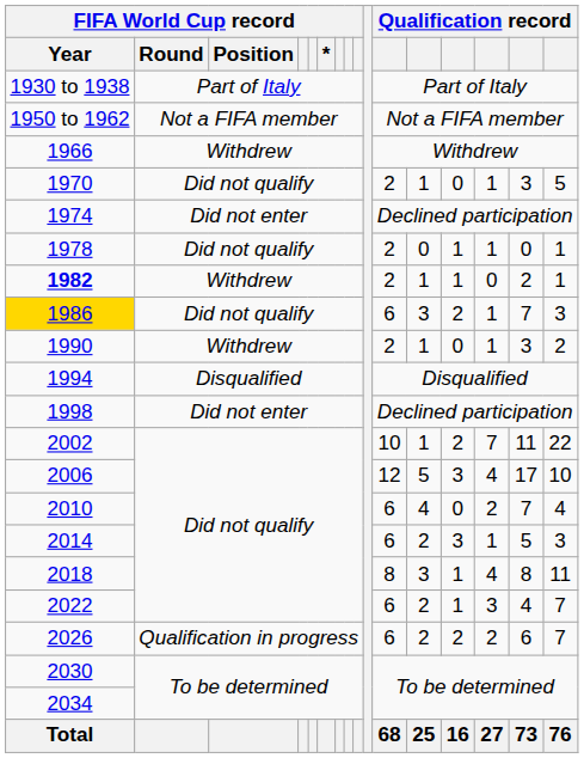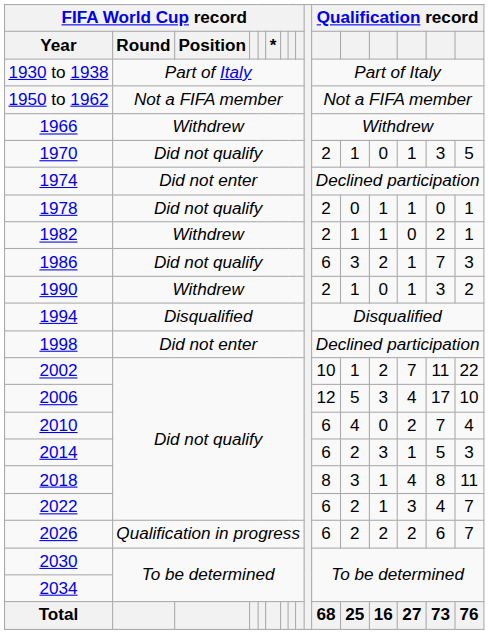 <table class="wikitable" style="text-align: center;">
 <tr>
 <th colspan=9><a href='#'>FIFA World Cup</a> record</th>
 <th rowspan=28></th>
 <th colspan=6><a href='#'>Qualification</a> record</th>
 </tr>
 <tr>
 <th>Year</th>
 <th>Round</th>
 <th>Position</th>
 <th></th>
 <th></th>
 <th>*</th>
 <th></th>
 <th></th>
 <th></th>
 <th></th>
 <th></th>
 <th></th>
 <th></th>
 <th></th>
 <th></th>
 </tr>
 <tr>
 <td> <a href='#'>1930</a> to  <a href='#'>1938</a></td>
 <td colspan=8><em>Part of <a href='#'>Italy</a></em></td>
 <td colspan=6><em>Part of Italy</em></td>
 </tr>
 <tr>
 <td> <a href='#'>1950</a> to  <a href='#'>1962</a></td>
 <td colspan=8><em>Not a FIFA member</em></td>
 <td colspan=6><em>Not a FIFA member</em></td>
 </tr>
 <tr>
 <td> <a href='#'>1966</a></td>
 <td colspan=8><em>Withdrew</em></td>
 <td colspan=6><em>Withdrew</em></td>
 </tr>
 <tr>
 <td> <a href='#'>1970</a></td>
 <td colspan=8><em>Did not qualify</em></td>
 <td>2</td>
 <td>1</td>
 <td>0</td>
 <td>1</td>
 <td>3</td>
 <td>5</td>
 </tr>
 <tr>
 <td> <a href='#'>1974</a></td>
 <td colspan=8><em>Did not enter</em></td>
 <td colspan=6><em>Declined participation</em></td>
 </tr>
 <tr>
 <td> <a href='#'>1978</a></td>
 <td colspan=8><em>Did not qualify</em></td>
 <td>2</td>
 <td>0</td>
 <td>1</td>
 <td>1</td>
 <td>0</td>
 <td>1</td>
 </tr>
 <tr>
-<td><strong> <a href='#'>1982</a></strong></td>
+<td> <a href='#'>1982</a></td>
 <td colspan=8><em>Withdrew</em></td>
 <td>2</td>
 <td>1</td>
 <td>1</td>
 <td>0</td>
 <td>2</td>
 <td>1</td>
 </tr>
 <tr>
-<td style="background: gold;"> <a href='#'>1986</a></td>
+<td> <a href='#'>1986</a></td>
 <td colspan=8><em>Did not qualify</em></td>
 <td>6</td>
 <td>3</td>
 <td>2</td>
 <td>1</td>
 <td>7</td>
 <td>3</td>
 </tr>
 <tr>
 <td> <a href='#'>1990</a></td>
 <td colspan=8><em>Withdrew</em></td>
 <td>2</td>
 <td>1</td>
 <td>0</td>
 <td>1</td>
 <td>3</td>
 <td>2</td>
 </tr>
 <tr>
 <td> <a href='#'>1994</a></td>
 <td colspan=8><em>Disqualified</em></td>
 <td colspan=6><em>Disqualified</em></td>
 </tr>
 <tr>
 <td> <a href='#'>1998</a></td>
 <td colspan=8><em>Did not enter</em></td>
 <td colspan=6><em>Declined participation</em></td>
 </tr>
 <tr>
 <td>  <a href='#'>2002</a></td>
 <td colspan=8 rowspan=6><em>Did not qualify</em></td>
 <td>10</td>
 <td>1</td>
 <td>2</td>
 <td>7</td>
 <td>11</td>
 <td>22</td>
 </tr>
 <tr>
 <td> <a href='#'>2006</a></td>
 <td>12</td>
 <td>5</td>
 <td>3</td>
 <td>4</td>
 <td>17</td>
 <td>10</td>
 </tr>
 <tr>
 <td> <a href='#'>2010</a></td>
 <td>6</td>
 <td>4</td>
 <td>0</td>
 <td>2</td>
 <td>7</td>
 <td>4</td>
 </tr>
 <tr>
 <td> <a href='#'>2014</a></td>
 <td>6</td>
 <td>2</td>
 <td>3</td>
 <td>1</td>
 <td>5</td>
 <td>3</td>
 </tr>
 <tr>
 <td> <a href='#'>2018</a></td>
 <td>8</td>
 <td>3</td>
 <td>1</td>
 <td>4</td>
 <td>8</td>
 <td>11</td>
 </tr>
 <tr>
 <td> <a href='#'>2022</a></td>
 <td>6</td>
 <td>2</td>
 <td>1</td>
 <td>3</td>
 <td>4</td>
 <td>7</td>
 </tr>
 <tr>
 <td>   <a href='#'>2026</a></td>
 <td colspan=8><em>Qualification in progress</em></td>
 <td>6</td>
 <td>2</td>
 <td>2</td>
 <td>2</td>
 <td>6</td>
 <td>7</td>
 </tr>
 <tr>
 <td>   <a href='#'>2030</a></td>
 <td colspan=8 rowspan=2><em>To be determined</em></td>
 <td colspan=6 rowspan=2><em>To be determined</em></td>
 </tr>
 <tr>
 <td> <a href='#'>2034</a></td>
 </tr>
 <tr>
 <th>Total</th>
 <th></th>
 <th></th>
 <th></th>
 <th></th>
 <th></th>
 <th></th>
 <th></th>
 <th></th>
 <th>68</th>
 <th>25</th>
 <th>16</th>
 <th>27</th>
 <th>73</th>
 <th>76</th>
 </tr>
 </table>
